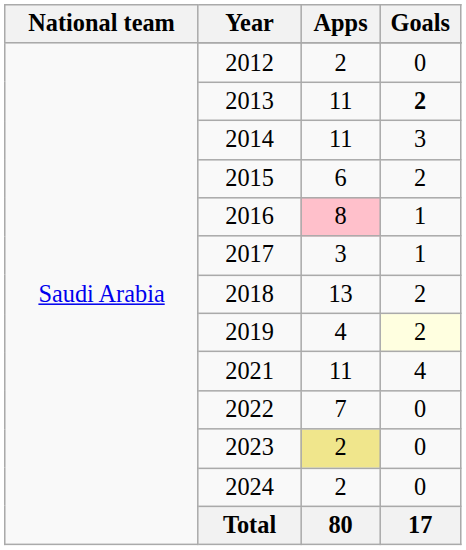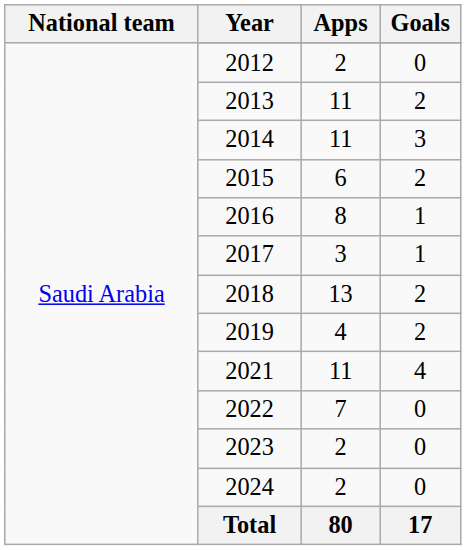 <table class="wikitable" style="text-align: center;">
 <tr>
 <th width="120">National team</th>
 <th width="60">Year</th>
 <th width="45">Apps</th>
 <th width="45">Goals</th>
 </tr>
 <tr>
 <td rowspan=14><a href='#'>Saudi Arabia</a></td>
 </tr>
 <tr>
 <td>2012</td>
 <td>2</td>
 <td>0</td>
 </tr>
 <tr>
 <td>2013</td>
 <td>11</td>
-<td><strong>2</strong></td>
+<td>2</td>
 </tr>
 <tr>
 <td>2014</td>
 <td>11</td>
 <td>3</td>
 </tr>
 <tr>
 <td>2015</td>
 <td>6</td>
 <td>2</td>
 </tr>
 <tr>
 <td>2016</td>
-<td style="background: pink;">8</td>
+<td>8</td>
 <td>1</td>
 </tr>
 <tr>
 <td>2017</td>
 <td>3</td>
 <td>1</td>
 </tr>
 <tr>
 <td>2018</td>
 <td>13</td>
 <td>2</td>
 </tr>
 <tr>
 <td>2019</td>
 <td>4</td>
-<td style="background: lightyellow;">2</td>
+<td>2</td>
 </tr>
 <tr>
 <td>2021</td>
 <td>11</td>
 <td>4</td>
 </tr>
 <tr>
 <td>2022</td>
 <td>7</td>
 <td>0</td>
 </tr>
 <tr>
 <td>2023</td>
-<td style="background: khaki;">2</td>
+<td>2</td>
 <td>0</td>
 </tr>
 <tr>
 <td>2024</td>
 <td>2</td>
 <td>0</td>
 </tr>
 <tr>
 <th>Total</th>
 <th>80</th>
 <th>17</th>
 </tr>
 </table>
